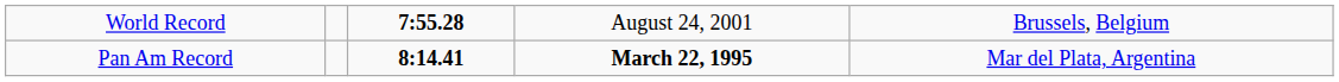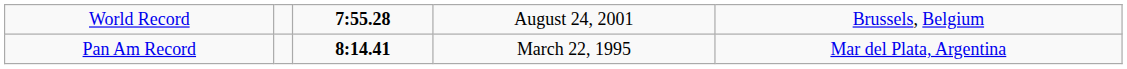 <table class="wikitable" style=" text-align:center; font-size:95%;" width="75%">
 <tr>
 <td><a href='#'>World Record</a></td>
 <td></td>
 <td><strong>7:55.28</strong></td>
 <td>August 24, 2001</td>
 <td> <a href='#'>Brussels</a>, <a href='#'>Belgium</a></td>
 </tr>
 <tr>
 <td><a href='#'>Pan Am Record</a></td>
 <td></td>
 <td><strong>8:14.41</strong></td>
-<td><strong>March 22, 1995</strong></td>
+<td>March 22, 1995</td>
 <td> <a href='#'>Mar del Plata, Argentina</a></td>
 </tr>
 </table>
